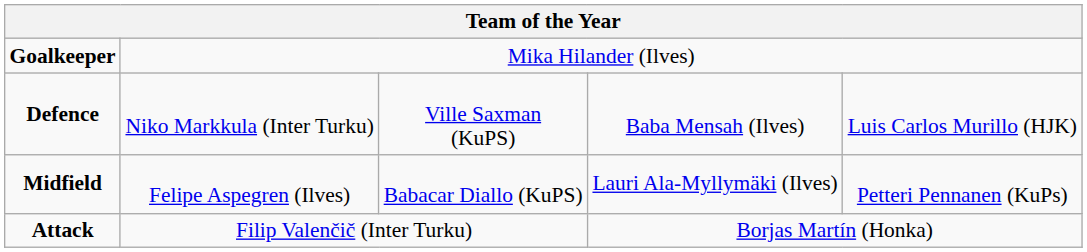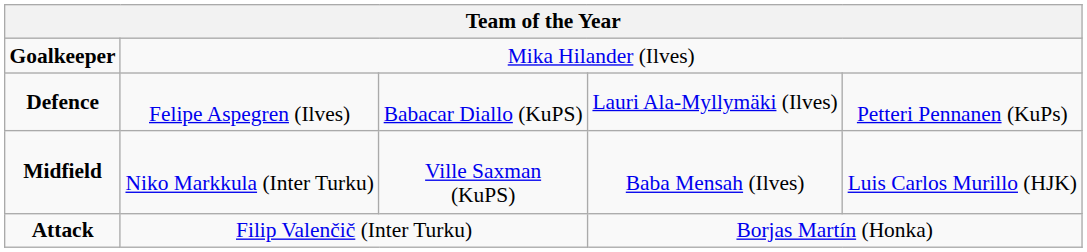 <table class="wikitable" style="text-align:center">
 <tr>
 <th colspan="13">Team of the Year</th>
 </tr>
 <tr>
 <td><strong>Goalkeeper</strong></td>
 <td colspan="4"> <a href='#'>Mika Hilander</a> (Ilves)</td>
 </tr>
 <tr>
 <td><strong>Defence</strong></td>
+<td lowspan="1"><br><a href='#'>Felipe Aspegren</a> (Ilves)</td>
+<td lowspan="1"><br><a href='#'>Babacar Diallo</a> (KuPS)</td>
+<td lowspan="1"> <a href='#'>Lauri Ala-Myllymäki</a> (Ilves)</td>
+<td lowspan="1"><br><a href='#'>Petteri Pennanen</a> (KuPs)</td>
+</tr>
+<tr>
+<td><strong>Midfield</strong></td>
 <td><br><a href='#'>Niko Markkula</a> (Inter Turku)</td>
 <td lowspan="1"><br> <a href='#'>Ville Saxman</a><br>(KuPS)</td>
 <td><br><a href='#'>Baba Mensah</a> (Ilves)</td>
 <td><br><a href='#'>Luis Carlos Murillo</a> (HJK)</td>
-</tr>
-<tr>
-<td><strong>Midfield</strong></td>
-<td lowspan="1"><br><a href='#'>Felipe Aspegren</a> (Ilves)</td>
-<td lowspan="1"><br><a href='#'>Babacar Diallo</a> (KuPS)</td>
-<td lowspan="1"> <a href='#'>Lauri Ala-Myllymäki</a> (Ilves)</td>
-<td lowspan="1"><br><a href='#'>Petteri Pennanen</a> (KuPs)</td>
 </tr>
 <tr>
 <td><strong>Attack</strong></td>
 <td colspan="2.5"> <a href='#'>Filip Valenčič</a> (Inter Turku)</td>
 <td colspan="2.5"> <a href='#'>Borjas Martín</a> (Honka)</td>
 </tr>
 </table>
